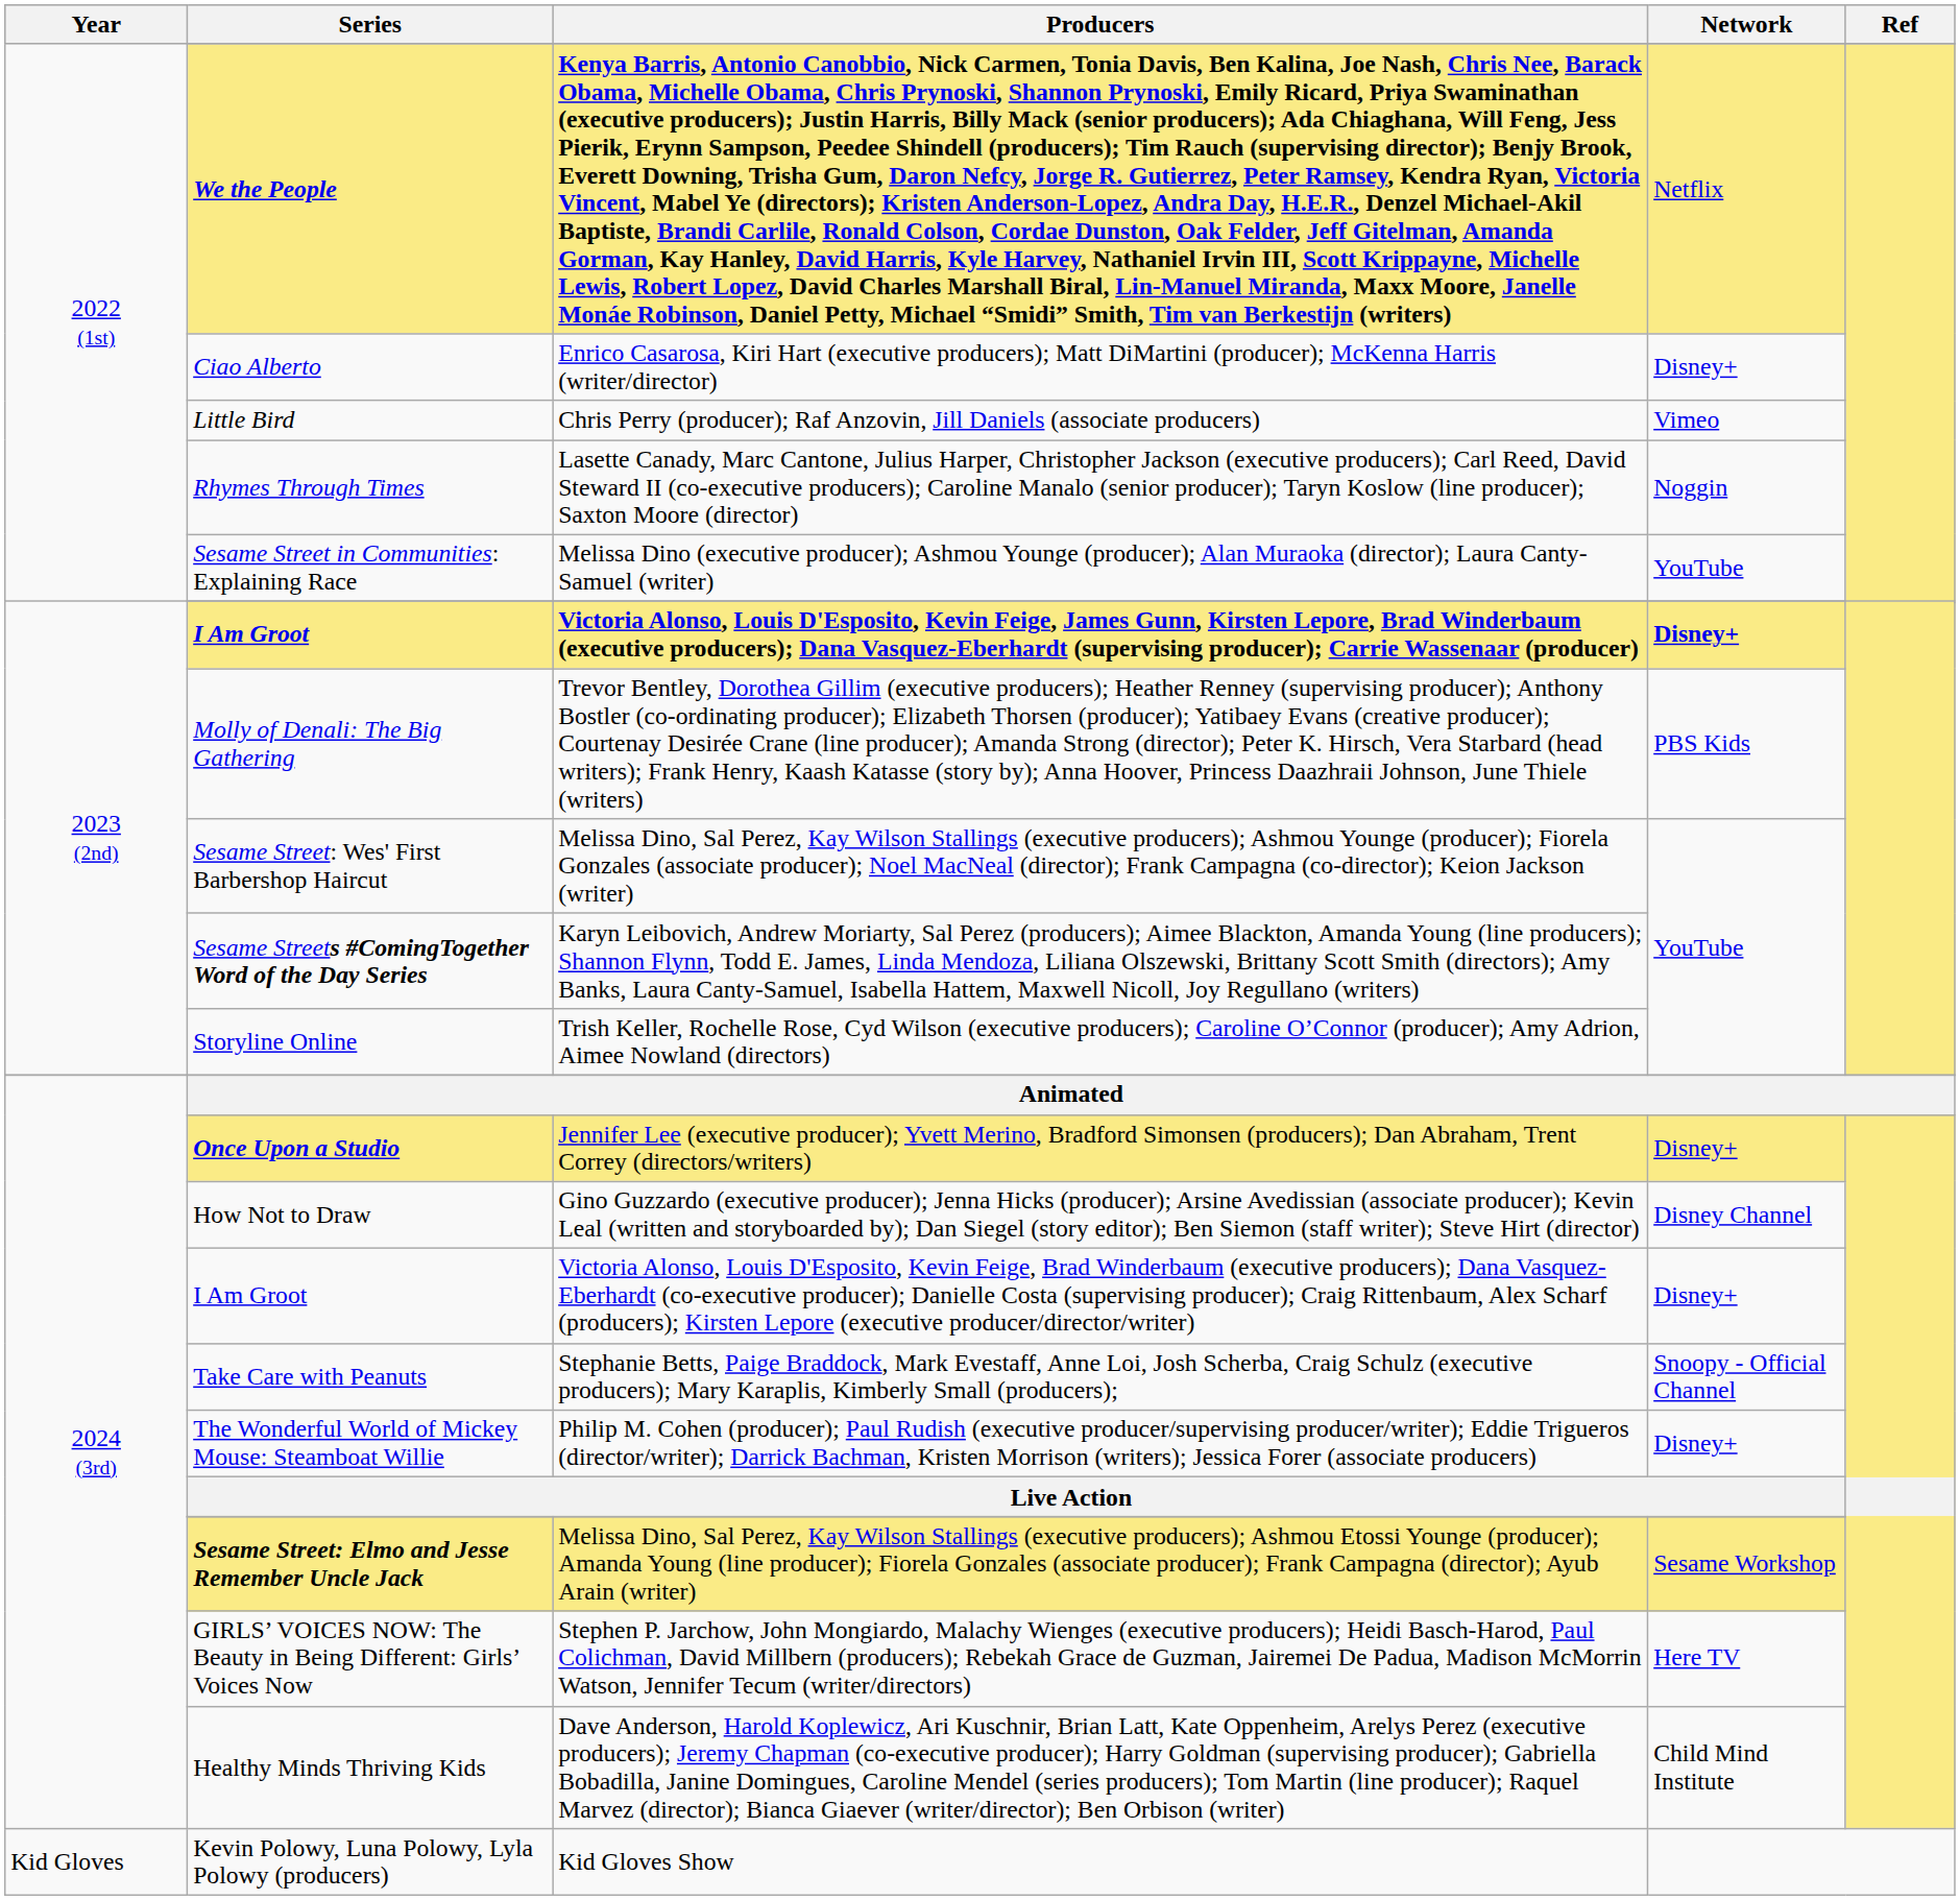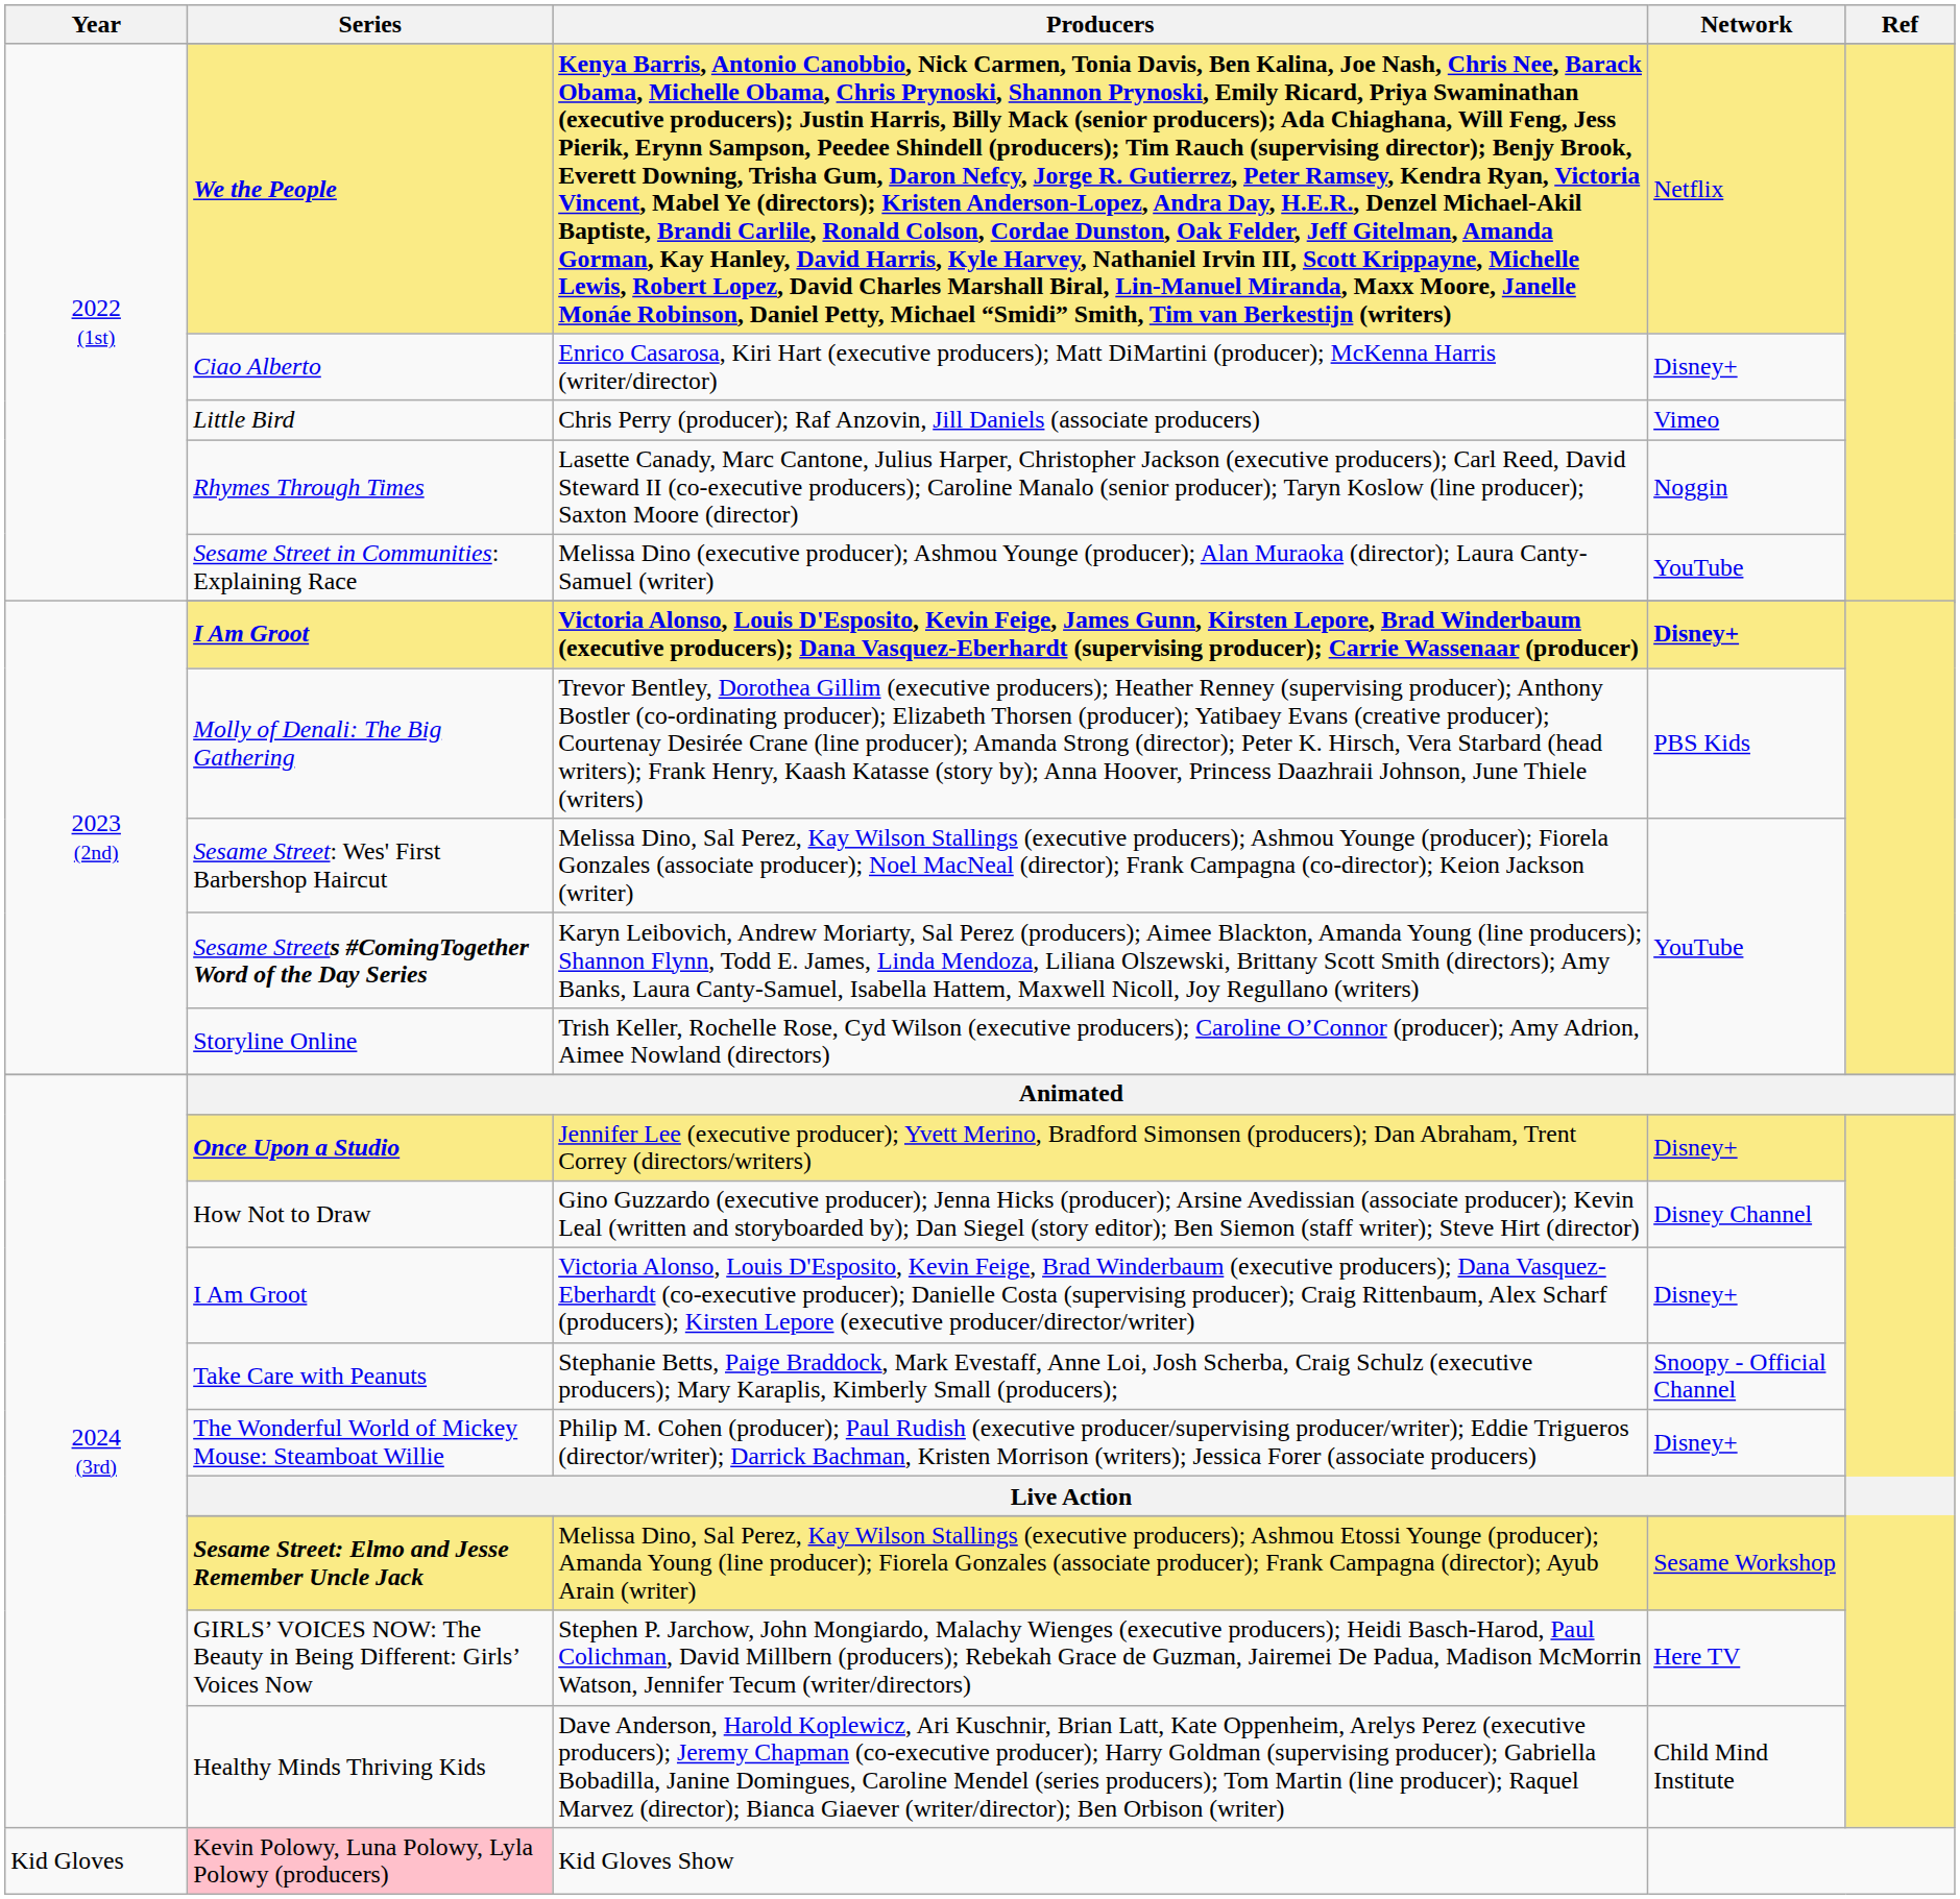 <table class="wikitable" style="width:100%">
 <tr bgcolor="#bebebe">
 <th width="5%">Year</th>
 <th width="10%">Series</th>
 <th width="30%">Producers</th>
 <th width="5%">Network</th>
 <th width="3%">Ref</th>
 </tr>
 <tr>
 <td rowspan=6 style="text-align:center"><a href='#'>2022</a><br><small><a href='#'>(1st)</a></small></td>
 </tr>
 <tr style="background:#FAEB86">
 <td><strong><em><a href='#'>We the People</a></em></strong></td>
 <td><strong><a href='#'>Kenya Barris</a>, <a href='#'>Antonio Canobbio</a>, Nick Carmen, Tonia Davis, Ben Kalina, Joe Nash, <a href='#'>Chris Nee</a>, <a href='#'>Barack Obama</a>, <a href='#'>Michelle Obama</a>, <a href='#'>Chris Prynoski</a>, <a href='#'>Shannon Prynoski</a>, Emily Ricard, Priya Swaminathan (executive producers); Justin Harris, Billy Mack (senior producers); Ada Chiaghana, Will Feng, Jess Pierik, Erynn Sampson, Peedee Shindell (producers); Tim Rauch (supervising director); Benjy Brook, Everett Downing, Trisha Gum, <a href='#'>Daron Nefcy</a>, <a href='#'>Jorge R. Gutierrez</a>, <a href='#'>Peter Ramsey</a>, Kendra Ryan, <a href='#'>Victoria Vincent</a>, Mabel Ye (directors); <a href='#'>Kristen Anderson-Lopez</a>, <a href='#'>Andra Day</a>, <a href='#'>H.E.R.</a>, Denzel Michael-Akil Baptiste, <a href='#'>Brandi Carlile</a>, <a href='#'>Ronald Colson</a>, <a href='#'>Cordae Dunston</a>, <a href='#'>Oak Felder</a>, <a href='#'>Jeff Gitelman</a>, <a href='#'>Amanda Gorman</a>, Kay Hanley, <a href='#'>David Harris</a>, <a href='#'>Kyle Harvey</a>, Nathaniel Irvin III, <a href='#'>Scott Krippayne</a>, <a href='#'>Michelle Lewis</a>, <a href='#'>Robert Lopez</a>, David Charles Marshall Biral, <a href='#'>Lin-Manuel Miranda</a>, Maxx Moore, <a href='#'>Janelle Monáe Robinson</a>, Daniel Petty, Michael “Smidi” Smith, <a href='#'>Tim van Berkestijn</a> (writers)</strong></td>
 <td><a href='#'>Netflix</a></td>
 <td rowspan=6 style="text-align:center"></td>
 </tr>
 <tr>
 <td><em><a href='#'>Ciao Alberto</a></em></td>
 <td><a href='#'>Enrico Casarosa</a>, Kiri Hart (executive producers); Matt DiMartini (producer); <a href='#'>McKenna Harris</a> (writer/director)</td>
 <td><a href='#'>Disney+</a></td>
 </tr>
 <tr>
 <td><em>Little Bird</em></td>
 <td>Chris Perry (producer); Raf Anzovin, <a href='#'>Jill Daniels</a> (associate producers)</td>
 <td><a href='#'>Vimeo</a></td>
 </tr>
 <tr>
 <td><em><a href='#'>Rhymes Through Times</a></em></td>
 <td>Lasette Canady, Marc Cantone, Julius Harper, Christopher Jackson (executive producers); Carl Reed, David Steward II (co-executive producers); Caroline Manalo (senior producer); Taryn Koslow (line producer); Saxton Moore (director)</td>
 <td><a href='#'>Noggin</a></td>
 </tr>
 <tr>
 <td><em><a href='#'>Sesame Street in Communities</a></em>: Explaining Race</td>
 <td>Melissa Dino (executive producer); Ashmou Younge (producer); <a href='#'>Alan Muraoka</a> (director); Laura Canty-Samuel (writer)</td>
 <td><a href='#'>YouTube</a></td>
 </tr>
 <tr>
 <td rowspan=6 style="text-align:center"><a href='#'>2023</a><br><small><a href='#'>(2nd)</a></small></td>
 </tr>
 <tr style="background:#FAEB86">
 <td><strong><em><a href='#'>I Am Groot</a></em></strong></td>
 <td><strong><a href='#'>Victoria Alonso</a>, <a href='#'>Louis D'Esposito</a>, <a href='#'>Kevin Feige</a>, <a href='#'>James Gunn</a>, <a href='#'>Kirsten Lepore</a>, <a href='#'>Brad Winderbaum</a> (executive producers); <a href='#'>Dana Vasquez-Eberhardt</a> (supervising producer); <a href='#'>Carrie Wassenaar</a> (producer)</strong></td>
 <td><strong><a href='#'>Disney+</a></strong></td>
 <td rowspan=5 style="text-align:center"></td>
 </tr>
 <tr>
 <td><em><a href='#'>Molly of Denali: The Big Gathering</a></em></td>
 <td>Trevor Bentley, <a href='#'>Dorothea Gillim</a> (executive producers); Heather Renney (supervising producer); Anthony Bostler (co-ordinating producer); Elizabeth Thorsen (producer); Yatibaey Evans (creative producer); Courtenay Desirée Crane (line producer); Amanda Strong (director); Peter K. Hirsch, Vera Starbard (head writers); Frank Henry, Kaash Katasse (story by); Anna Hoover, Princess Daazhraii Johnson, June Thiele (writers)</td>
 <td><a href='#'>PBS Kids</a></td>
 </tr>
 <tr>
 <td><em><a href='#'>Sesame Street</a></em>: Wes' First Barbershop Haircut</td>
 <td>Melissa Dino, Sal Perez, <a href='#'>Kay Wilson Stallings</a> (executive producers); Ashmou Younge (producer); Fiorela Gonzales (associate producer); <a href='#'>Noel MacNeal</a> (director); Frank Campagna (co-director); Keion Jackson (writer)</td>
 <td rowspan=3><a href='#'>YouTube</a></td>
 </tr>
 <tr>
 <td><em><a href='#'>Sesame Street</a><strong>s #ComingTogether Word of the Day Series</td>
 <td>Karyn Leibovich, Andrew Moriarty, Sal Perez (producers); Aimee Blackton, Amanda Young (line producers); <a href='#'>Shannon Flynn</a>, Todd E. James, <a href='#'>Linda Mendoza</a>, Liliana Olszewski, Brittany Scott Smith (directors); Amy Banks, Laura Canty-Samuel, Isabella Hattem, Maxwell Nicoll, Joy Regullano (writers)</td>
 </tr>
 <tr>
 <td></em><a href='#'>Storyline Online</a><em></td>
 <td>Trish Keller, Rochelle Rose, Cyd Wilson (executive producers); <a href='#'>Caroline O’Connor</a> (producer); Amy Adrion, Aimee Nowland (directors)</td>
 </tr>
 <tr>
 </tr>
 <tr>
 <td rowspan=11 style="text-align:center"><a href='#'>2024</a><br><small><a href='#'>(3rd)</a></small></td>
 <th colspan="4">Animated</th>
 </tr>
 <tr style="background:#FAEB86">
 <td><strong><em><a href='#'>Once Upon a Studio</a></em></strong></td>
 <td></strong><a href='#'>Jennifer Lee</a> (executive producer); <a href='#'>Yvett Merino</a>, Bradford Simonsen (producers); Dan Abraham, Trent Correy (directors/writers)<strong></td>
 <td></strong><a href='#'>Disney+</a><strong></td>
 <td rowspan=10 style="text-align:center"></td>
 </tr>
 <tr>
 <td></em>How Not to Draw<em></td>
 <td>Gino Guzzardo (executive producer); Jenna Hicks (producer); Arsine Avedissian (associate producer); Kevin Leal (written and storyboarded by); Dan Siegel (story editor); Ben Siemon (staff writer); Steve Hirt (director)</td>
 <td><a href='#'>Disney Channel</a></td>
 </tr>
 <tr>
 <td></em><a href='#'>I Am Groot</a><em></td>
 <td><a href='#'>Victoria Alonso</a>, <a href='#'>Louis D'Esposito</a>, <a href='#'>Kevin Feige</a>, <a href='#'>Brad Winderbaum</a> (executive producers); <a href='#'>Dana Vasquez-Eberhardt</a> (co-executive producer); Danielle Costa (supervising producer); Craig Rittenbaum, Alex Scharf (producers); <a href='#'>Kirsten Lepore</a> (executive producer/director/writer)</td>
 <td><a href='#'>Disney+</a></td>
 </tr>
 <tr>
 <td></em><a href='#'>Take Care with Peanuts</a><em></td>
 <td>Stephanie Betts, <a href='#'>Paige Braddock</a>, Mark Evestaff, Anne Loi, Josh Scherba, Craig Schulz (executive producers); Mary Karaplis, Kimberly Small (producers);</td>
 <td><a href='#'>Snoopy - Official Channel</a></td>
 </tr>
 <tr>
 <td></em><a href='#'>The Wonderful World of Mickey Mouse: Steamboat Willie</a><em></td>
 <td>Philip M. Cohen (producer); <a href='#'>Paul Rudish</a> (executive producer/supervising producer/writer); Eddie Trigueros (director/writer); <a href='#'>Darrick Bachman</a>, Kristen Morrison (writers); Jessica Forer (associate producers)</td>
 <td><a href='#'>Disney+</a></td>
 </tr>
 <tr>
 <th colspan="4">Live Action</th>
 </tr>
 <tr>
 </tr>
 <tr style="background:#FAEB86">
 <td><strong><em>Sesame Street: Elmo and Jesse Remember Uncle Jack</em></strong></td>
 <td></strong>Melissa Dino, Sal Perez, <a href='#'>Kay Wilson Stallings</a> (executive producers); Ashmou Etossi Younge (producer); Amanda Young (line producer); Fiorela Gonzales (associate producer); Frank Campagna (director); Ayub Arain (writer)<strong></td>
 <td></strong><a href='#'>Sesame Workshop</a><strong></td>
 </tr>
 <tr>
 <td></em>GIRLS’ VOICES NOW: The Beauty in Being Different: Girls’ Voices Now<em></td>
 <td>Stephen P. Jarchow, John Mongiardo, Malachy Wienges (executive producers); Heidi Basch-Harod, <a href='#'>Paul Colichman</a>, David Millbern (producers); Rebekah Grace de Guzman, Jairemei De Padua, Madison McMorrin Watson, Jennifer Tecum (writer/directors)</td>
 <td><a href='#'>Here TV</a></td>
 </tr>
 <tr>
 <td></em>Healthy Minds Thriving Kids<em></td>
 <td>Dave Anderson, <a href='#'>Harold Koplewicz</a>, Ari Kuschnir, Brian Latt, Kate Oppenheim, Arelys Perez (executive producers); <a href='#'>Jeremy Chapman</a> (co-executive producer); Harry Goldman (supervising producer); Gabriella Bobadilla, Janine Domingues, Caroline Mendel (series producers); Tom Martin (line producer); Raquel Marvez (director); Bianca Giaever (writer/director); Ben Orbison (writer)</td>
 <td>Child Mind Institute</td>
 </tr>
 <tr>
 <td></em>Kid Gloves<em></td>
-<td>Kevin Polowy, Luna Polowy, Lyla Polowy (producers)</td>
+<td style="background: pink;">Kevin Polowy, Luna Polowy, Lyla Polowy (producers)</td>
 <td>Kid Gloves Show</td>
 </tr>
 </table>
